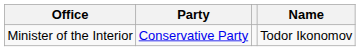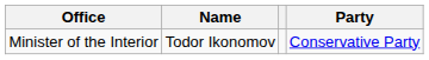 <table class="wikitable">
 <tr>
 <th>Office</th>
+<th>Name</th>
+<th></th>
 <th>Party</th>
-<th></th>
-<th>Name</th>
 </tr>
 <tr>
 <td>Minister of the Interior</td>
+<td>Todor Ikonomov</td>
+<td></td>
 <td><a href='#'>Conservative Party</a></td>
-<td></td>
-<td>Todor Ikonomov</td>
 </tr>
 </table>
